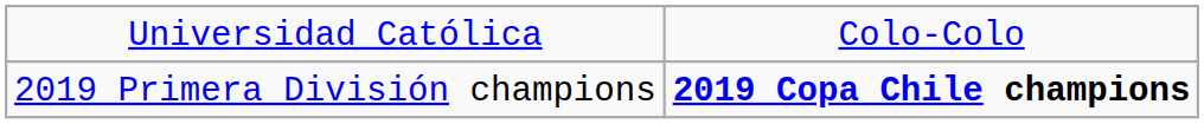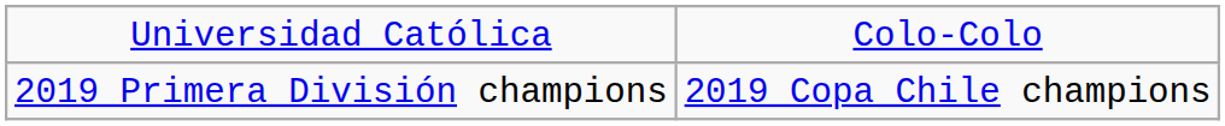 <table class="wikitable" style="text-align:center">
 <tr>
 <td><a href='#'>Universidad Católica</a></td>
 <td><a href='#'>Colo-Colo</a></td>
 </tr>
 <tr>
 <td><a href='#'>2019 Primera División</a> champions</td>
-<td><strong><a href='#'>2019 Copa Chile</a> champions</strong></td>
+<td><a href='#'>2019 Copa Chile</a> champions</td>
 </tr>
 </table>
